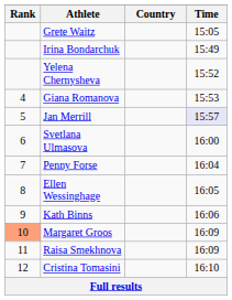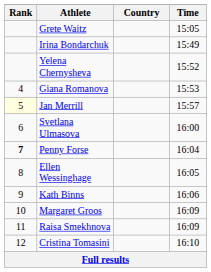 <table class="wikitable sortable" style=" text-align:center; font-size:95%;" width="50%">
 <tr>
 </tr>
 <tr>
 <th width=5%>Rank</th>
 <th width=20%>Athlete</th>
 <th width=15%>Country</th>
 <th width=10%>Time</th>
 </tr>
 <tr>
 <td align=center></td>
 <td align=left><a href='#'>Grete Waitz</a></td>
 <td align=left></td>
 <td>15:05</td>
 </tr>
 <tr>
 <td align=center></td>
 <td align=left><a href='#'>Irina Bondarchuk</a></td>
 <td align=left></td>
 <td>15:49</td>
 </tr>
 <tr>
 <td align=center></td>
 <td align=left><a href='#'>Yelena Chernysheva</a></td>
 <td align=left></td>
 <td>15:52</td>
 </tr>
 <tr>
 <td align=center>4</td>
 <td align=left><a href='#'>Giana Romanova</a></td>
 <td align=left></td>
 <td>15:53</td>
 </tr>
 <tr>
-<td align=center>5</td>
+<td align=center style="background: lightyellow;">5</td>
 <td align=left><a href='#'>Jan Merrill</a></td>
 <td align=left></td>
-<td style="background: lavender;">15:57</td>
+<td>15:57</td>
 </tr>
 <tr>
 <td align=center>6</td>
 <td align=left><a href='#'>Svetlana Ulmasova</a></td>
 <td align=left></td>
 <td>16:00</td>
 </tr>
 <tr>
-<td align=center>7</td>
+<td align=center><strong>7</strong></td>
 <td align=left><a href='#'>Penny Forse</a></td>
 <td align=left></td>
 <td>16:04</td>
 </tr>
 <tr>
 <td align=center>8</td>
 <td align=left><a href='#'>Ellen Wessinghage</a></td>
 <td align=left></td>
 <td>16:05</td>
 </tr>
 <tr>
 <td align=center>9</td>
 <td align=left><a href='#'>Kath Binns</a></td>
 <td align=left></td>
 <td>16:06</td>
 </tr>
 <tr>
-<td align=center style="background: lightsalmon;">10</td>
+<td align=center>10</td>
 <td align=left><a href='#'>Margaret Groos</a></td>
 <td align=left></td>
 <td>16:09</td>
 </tr>
 <tr>
 <td align=center>11</td>
 <td align=left><a href='#'>Raisa Smekhnova</a></td>
 <td align=left></td>
 <td>16:09</td>
 </tr>
 <tr>
 <td align=center>12</td>
 <td align=left><a href='#'>Cristina Tomasini</a></td>
 <td align=left></td>
 <td>16:10</td>
 </tr>
 <tr class="sortbottom">
 <th colspan=4 align=center><a href='#'>Full results</a></th>
 </tr>
 </table>
